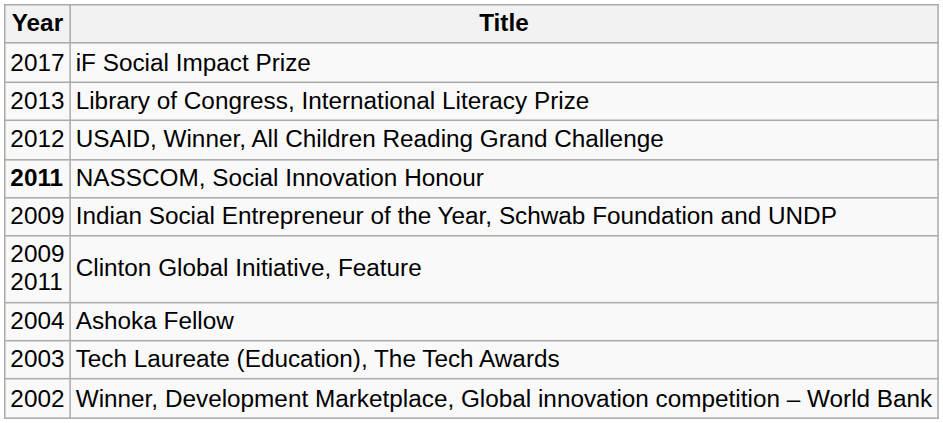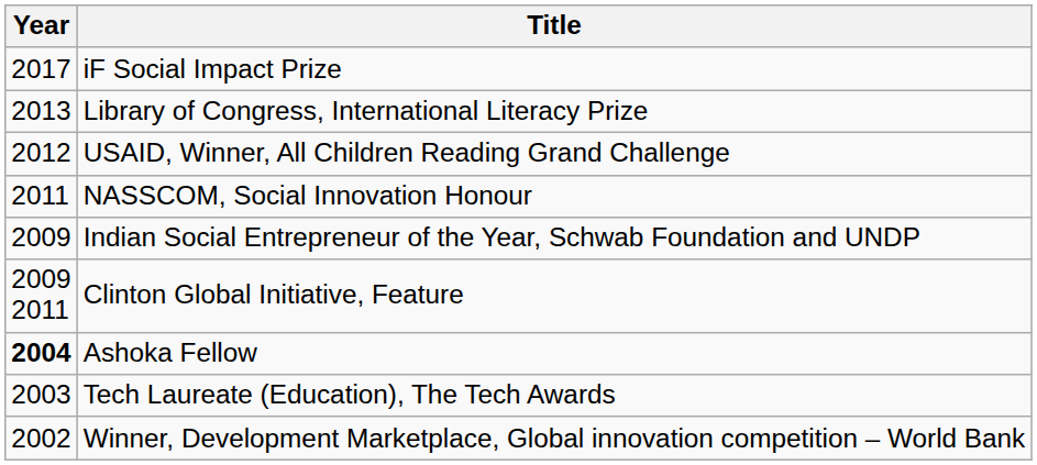 <table class="wikitable">
 <tr>
 <th>Year</th>
 <th>Title</th>
 </tr>
 <tr>
 <td>2017</td>
 <td>iF Social Impact Prize</td>
 </tr>
 <tr>
 <td>2013</td>
 <td>Library of Congress, International Literacy Prize</td>
 </tr>
 <tr>
 <td>2012</td>
 <td>USAID, Winner, All Children Reading Grand Challenge</td>
 </tr>
 <tr>
-<td><strong>2011</strong></td>
+<td>2011</td>
 <td>NASSCOM, Social Innovation Honour</td>
 </tr>
 <tr>
 <td>2009</td>
 <td>Indian Social Entrepreneur of the Year, Schwab Foundation and UNDP</td>
 </tr>
 <tr>
 <td>2009<br>2011</td>
 <td>Clinton Global Initiative, Feature</td>
 </tr>
 <tr>
-<td>2004</td>
+<td><strong>2004</strong></td>
 <td>Ashoka Fellow</td>
 </tr>
 <tr>
 <td>2003</td>
 <td>Tech Laureate (Education), The Tech Awards</td>
 </tr>
 <tr>
 <td>2002</td>
 <td>Winner, Development Marketplace, Global innovation competition – World Bank</td>
 </tr>
 </table>
